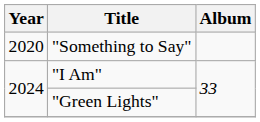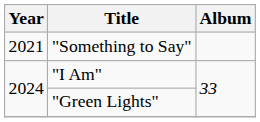 <table class="wikitable sortable">
 <tr>
 <th>Year</th>
 <th>Title</th>
 <th>Album</th>
 </tr>
 <tr>
-<td>2020</td>
+<td>2021</td>
 <td>"Something to Say"</td>
 <td></td>
 </tr>
 <tr>
 <td rowspan="2">2024</td>
 <td>"I Am"</td>
 <td rowspan="2"><em>33</em></td>
 </tr>
 <tr>
 <td>"Green Lights"</td>
 </tr>
 <tr>
 </tr>
 </table>
